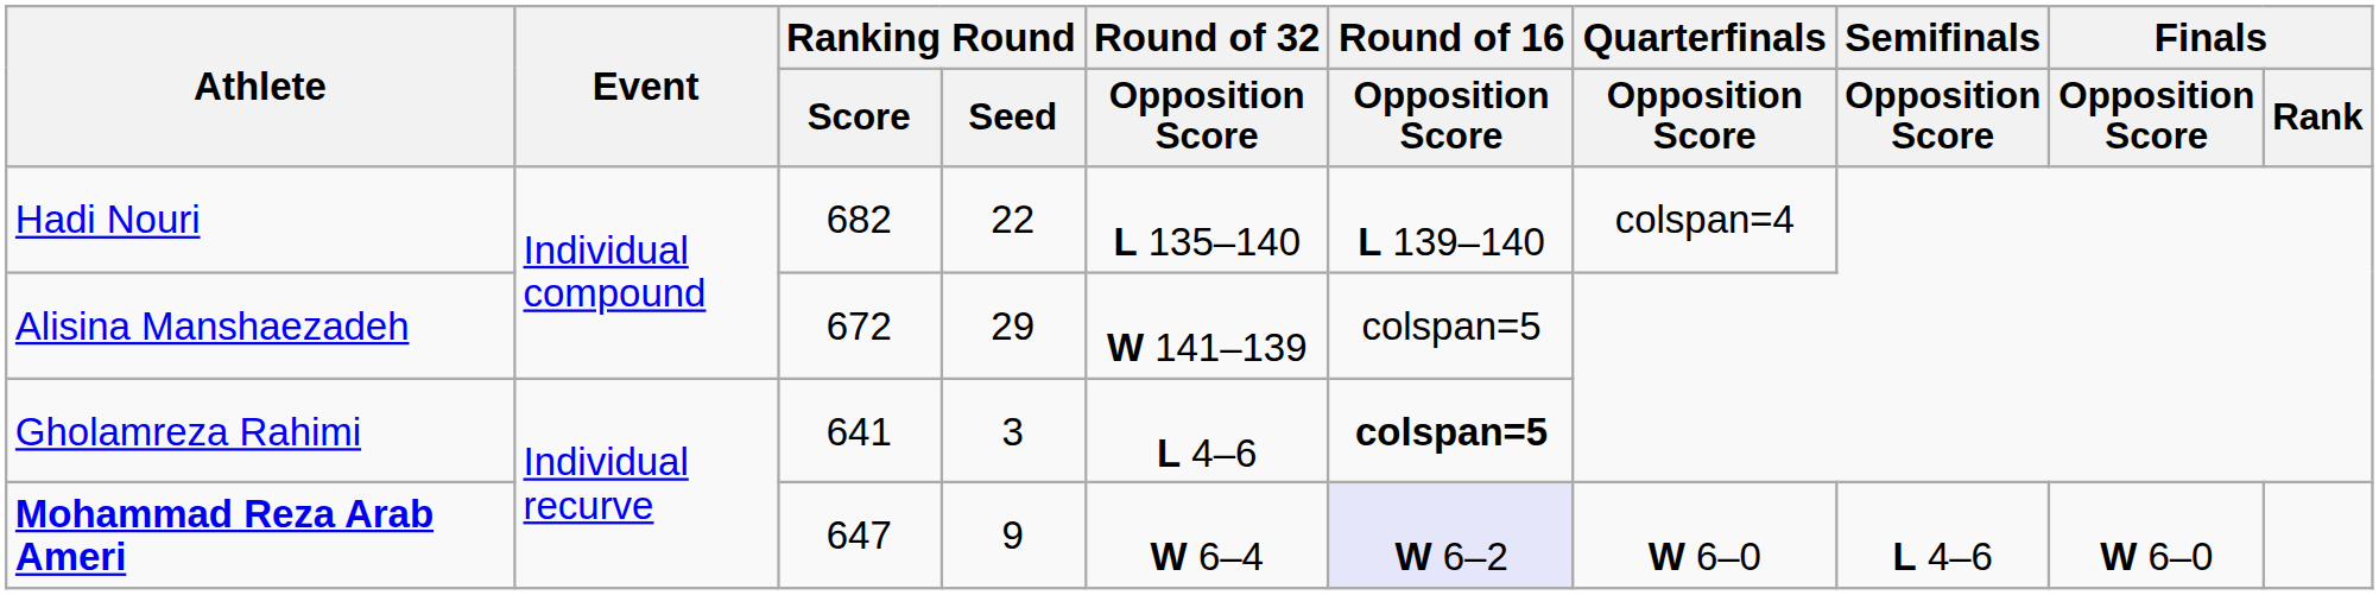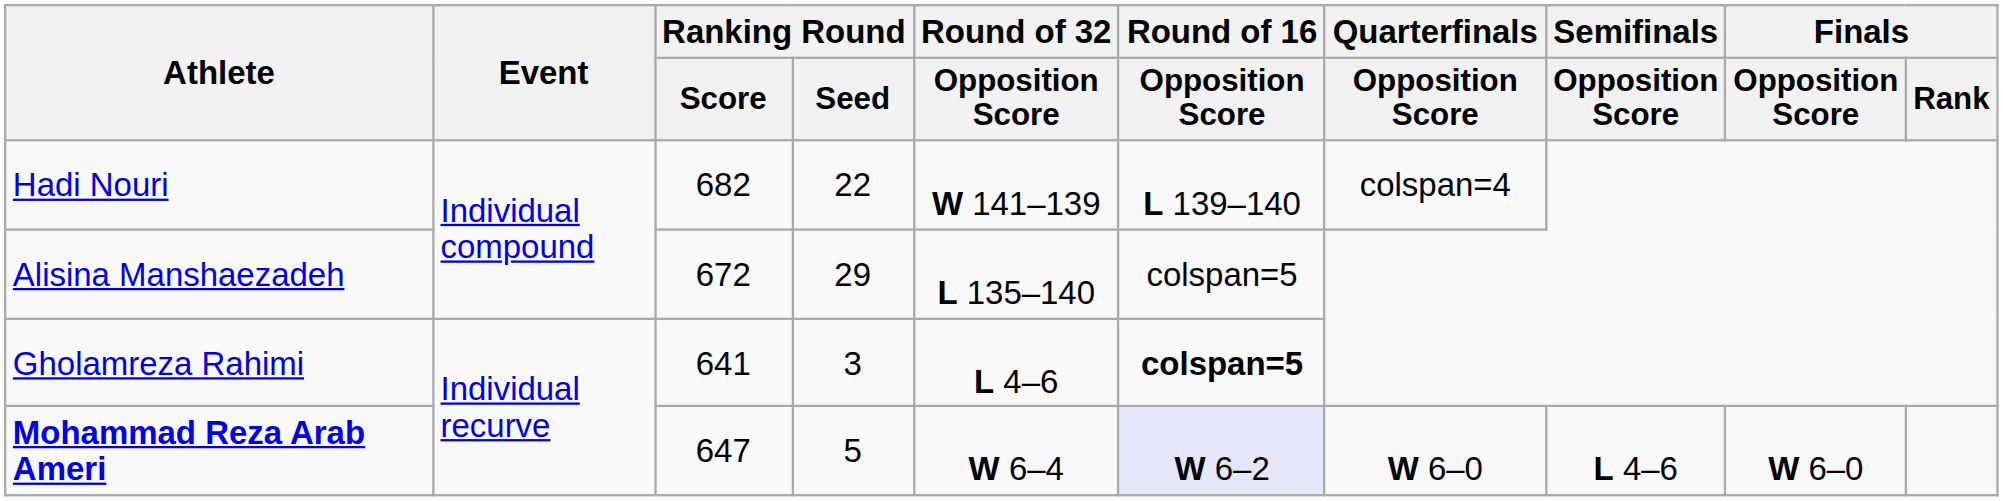 <table class="wikitable" style="text-align: center; font-size:90%">
 <tr>
 <th rowspan="2" width="180">Athlete</th>
 <th rowspan="2" width="90">Event</th>
 <th colspan="2">Ranking Round</th>
 <th>Round of 32</th>
 <th>Round of 16</th>
 <th>Quarterfinals</th>
 <th>Semifinals</th>
 <th colspan="2">Finals</th>
 </tr>
 <tr style="font-size:95%">
 <th>Score</th>
 <th>Seed</th>
 <th>Opposition<br>Score</th>
 <th>Opposition<br>Score</th>
 <th>Opposition<br>Score</th>
 <th>Opposition<br>Score</th>
 <th>Opposition<br>Score</th>
 <th>Rank</th>
 </tr>
 <tr>
 <td align=left><a href='#'>Hadi Nouri</a></td>
 <td align=left rowspan=2><a href='#'>Individual compound</a></td>
 <td>682</td>
 <td>22</td>
-<td><br><strong>L</strong> 135–140</td>
+<td><br><strong>W</strong> 141–139</td>
 <td><br><strong>L</strong> 139–140</td>
 <td>colspan=4 </td>
 </tr>
 <tr>
 <td align=left><a href='#'>Alisina Manshaezadeh</a></td>
 <td>672</td>
 <td>29</td>
-<td><br><strong>W</strong> 141–139</td>
+<td><br><strong>L</strong> 135–140</td>
 <td>colspan=5 </td>
 </tr>
 <tr>
 <td align=left><a href='#'>Gholamreza Rahimi</a></td>
 <td align=left rowspan=2><a href='#'>Individual recurve</a></td>
 <td>641</td>
 <td>3</td>
 <td><br><strong>L</strong> 4–6</td>
 <td><strong>colspan=5 </strong></td>
 </tr>
 <tr>
 <td align=left><strong><a href='#'>Mohammad Reza Arab Ameri</a></strong></td>
 <td>647</td>
-<td>9</td>
+<td>5</td>
 <td><br><strong>W</strong> 6–4</td>
 <td style="background: lavender;"><br><strong>W</strong> 6–2</td>
 <td><br><strong>W</strong> 6–0</td>
 <td><br><strong>L</strong> 4–6</td>
 <td><br><strong>W</strong> 6–0</td>
 <td></td>
 </tr>
 </table>
